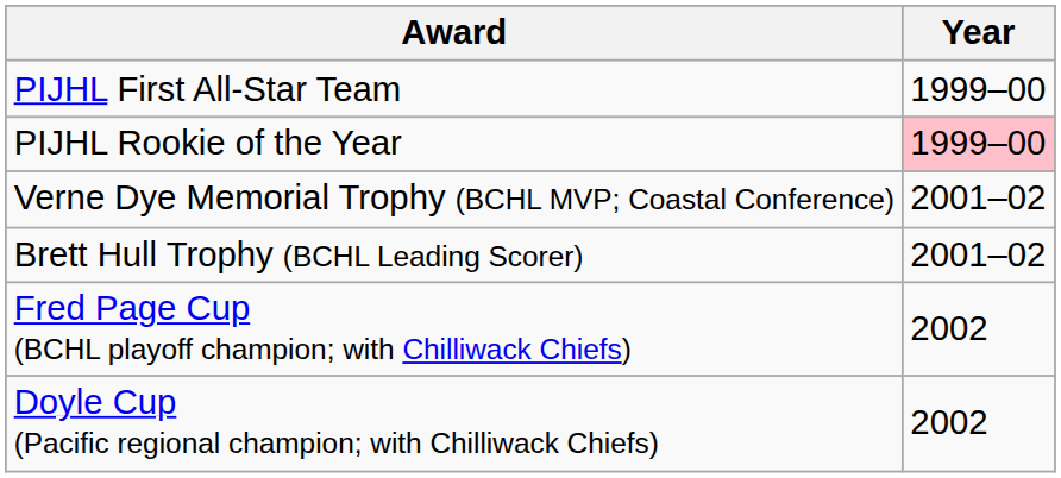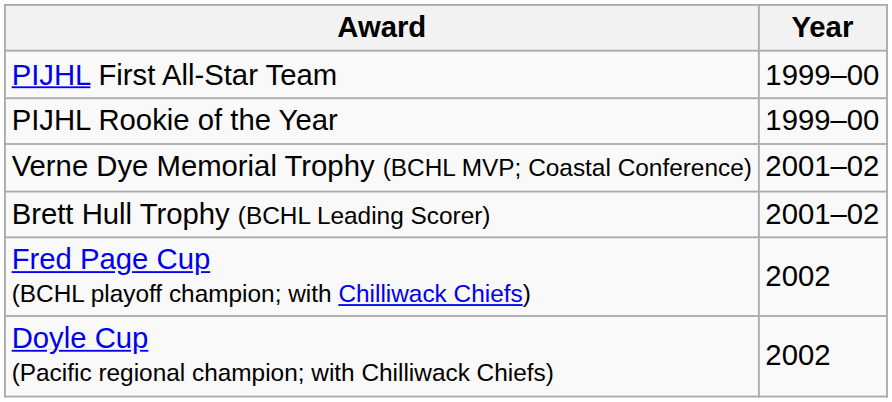 <table class="wikitable" border="1">
 <tr>
 <th>Award</th>
 <th>Year</th>
 </tr>
 <tr>
 <td><a href='#'>PIJHL</a> First All-Star Team</td>
 <td>1999–00</td>
 </tr>
 <tr>
 <td>PIJHL Rookie of the Year</td>
-<td style="background: pink;">1999–00</td>
+<td>1999–00</td>
 </tr>
 <tr>
 <td>Verne Dye Memorial Trophy <small>(BCHL MVP; Coastal Conference)</small></td>
 <td>2001–02</td>
 </tr>
 <tr>
 <td>Brett Hull Trophy <small>(BCHL Leading Scorer)</small></td>
 <td>2001–02</td>
 </tr>
 <tr>
 <td><a href='#'>Fred Page Cup</a> <br><small>(BCHL playoff champion; with <a href='#'>Chilliwack Chiefs</a>)</small></td>
 <td>2002</td>
 </tr>
 <tr>
 <td><a href='#'>Doyle Cup</a> <br><small>(Pacific regional champion; with Chilliwack Chiefs)</small></td>
 <td>2002</td>
 </tr>
 </table>
